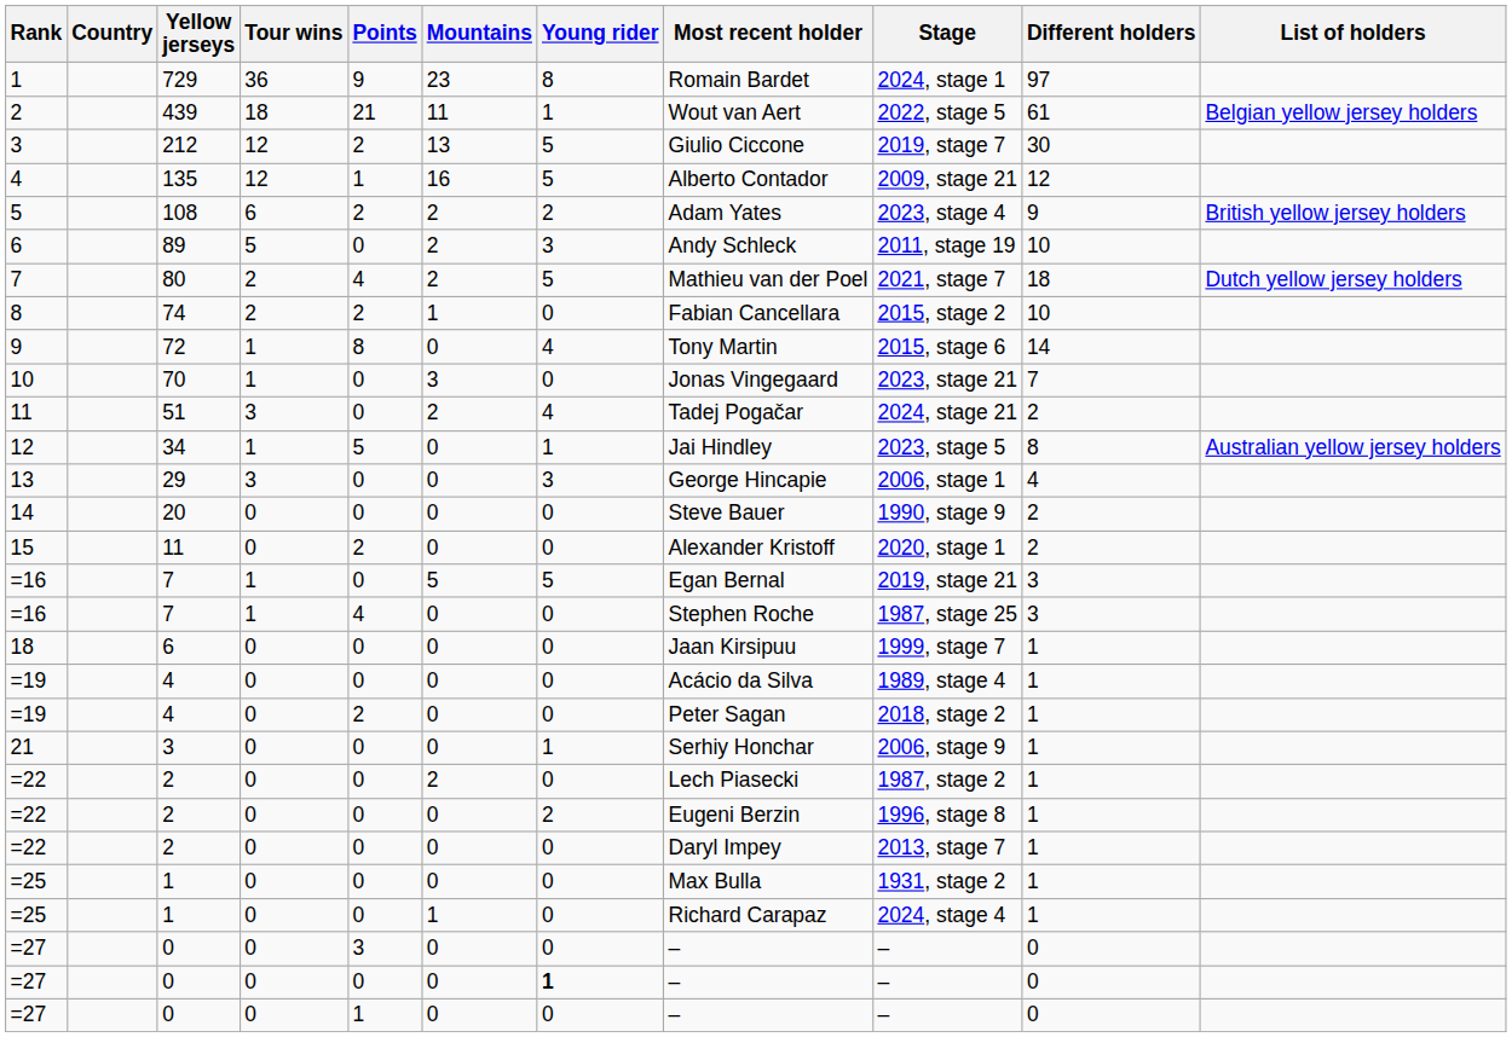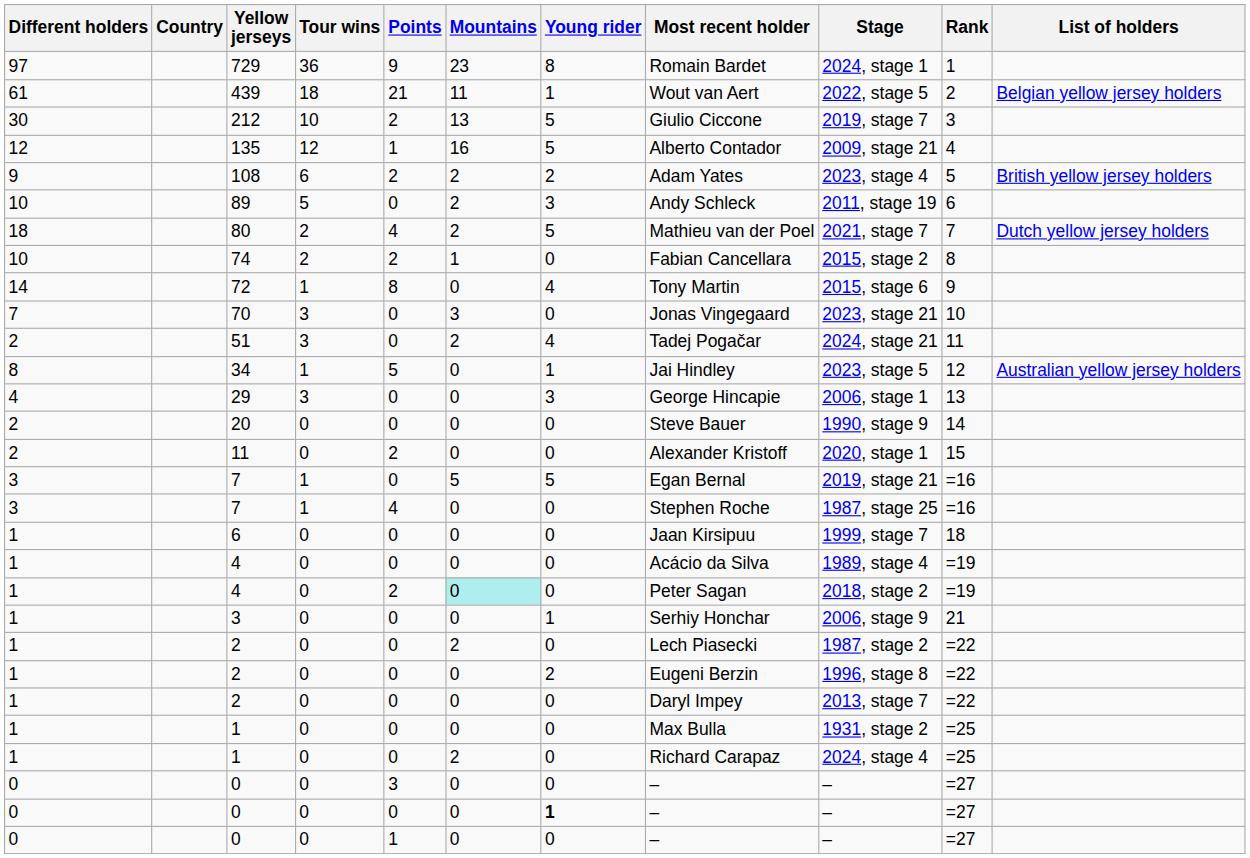 <table class="wikitable sortable">
 <tr>
-<th>Rank</th>
+<th>Different holders</th>
 <th>Country</th>
 <th>Yellow<br>jerseys</th>
 <th>Tour wins<br></th>
 <th><a href='#'>Points</a><br></th>
 <th><a href='#'>Mountains</a><br></th>
 <th><a href='#'>Young rider</a><br></th>
 <th>Most recent holder</th>
 <th>Stage</th>
-<th>Different holders</th>
+<th>Rank</th>
 <th>List of holders</th>
 </tr>
 <tr>
-<td>1</td>
+<td>97</td>
 <td></td>
 <td>729</td>
 <td>36</td>
 <td>9</td>
 <td>23</td>
 <td>8</td>
 <td>Romain Bardet</td>
 <td><a href='#'>2024</a>, stage 1</td>
-<td>97</td>
+<td>1</td>
 <td></td>
 </tr>
 <tr>
-<td>2</td>
+<td>61</td>
 <td></td>
 <td>439</td>
 <td>18</td>
 <td>21</td>
 <td>11</td>
 <td>1</td>
 <td>Wout van Aert</td>
 <td><a href='#'>2022</a>, stage 5</td>
-<td>61</td>
+<td>2</td>
 <td><a href='#'>Belgian yellow jersey holders</a></td>
 </tr>
 <tr>
-<td>3</td>
+<td>30</td>
 <td></td>
 <td>212</td>
-<td>12</td>
+<td>10</td>
 <td>2</td>
 <td>13</td>
 <td>5</td>
 <td>Giulio Ciccone</td>
 <td><a href='#'>2019</a>, stage 7</td>
-<td>30</td>
+<td>3</td>
 <td></td>
 </tr>
 <tr>
-<td>4</td>
+<td>12</td>
 <td></td>
 <td>135</td>
 <td>12</td>
 <td>1</td>
 <td>16</td>
 <td>5</td>
 <td>Alberto Contador</td>
 <td><a href='#'>2009</a>, stage 21</td>
-<td>12</td>
+<td>4</td>
 <td></td>
 </tr>
 <tr>
-<td>5</td>
+<td>9</td>
 <td></td>
 <td>108</td>
 <td>6</td>
 <td>2</td>
 <td>2</td>
 <td>2</td>
 <td>Adam Yates</td>
 <td><a href='#'>2023</a>, stage 4</td>
-<td>9</td>
+<td>5</td>
 <td><a href='#'>British yellow jersey holders</a></td>
 </tr>
 <tr>
-<td>6</td>
+<td>10</td>
 <td></td>
 <td>89</td>
 <td>5</td>
 <td>0</td>
 <td>2</td>
 <td>3</td>
 <td>Andy Schleck</td>
 <td><a href='#'>2011</a>, stage 19</td>
-<td>10</td>
+<td>6</td>
 <td></td>
 </tr>
 <tr>
-<td>7</td>
+<td>18</td>
 <td></td>
 <td>80</td>
 <td>2</td>
 <td>4</td>
 <td>2</td>
 <td>5</td>
 <td>Mathieu van der Poel</td>
 <td><a href='#'>2021</a>, stage 7</td>
-<td>18</td>
+<td>7</td>
 <td><a href='#'>Dutch yellow jersey holders</a></td>
 </tr>
 <tr>
-<td>8</td>
+<td>10</td>
 <td></td>
 <td>74</td>
 <td>2</td>
 <td>2</td>
 <td>1</td>
 <td>0</td>
 <td>Fabian Cancellara</td>
 <td><a href='#'>2015</a>, stage 2</td>
-<td>10</td>
+<td>8</td>
 <td></td>
 </tr>
 <tr>
-<td>9</td>
+<td>14</td>
 <td></td>
 <td>72</td>
 <td>1</td>
 <td>8</td>
 <td>0</td>
 <td>4</td>
 <td>Tony Martin</td>
 <td><a href='#'>2015</a>, stage 6</td>
-<td>14</td>
+<td>9</td>
 <td></td>
 </tr>
 <tr>
-<td>10</td>
+<td>7</td>
 <td></td>
 <td>70</td>
-<td>1</td>
+<td>3</td>
 <td>0</td>
 <td>3</td>
 <td>0</td>
 <td>Jonas Vingegaard</td>
 <td><a href='#'>2023</a>, stage 21</td>
-<td>7</td>
+<td>10</td>
 <td></td>
 </tr>
 <tr>
-<td>11</td>
+<td>2</td>
 <td></td>
 <td>51</td>
 <td>3</td>
 <td>0</td>
 <td>2</td>
 <td>4</td>
 <td>Tadej Pogačar</td>
 <td><a href='#'>2024</a>, stage 21</td>
-<td>2</td>
+<td>11</td>
 <td></td>
 </tr>
 <tr>
-<td>12</td>
+<td>8</td>
 <td></td>
 <td>34</td>
 <td>1</td>
 <td>5</td>
 <td>0</td>
 <td>1</td>
 <td>Jai Hindley</td>
 <td><a href='#'>2023</a>, stage 5</td>
-<td>8</td>
+<td>12</td>
 <td><a href='#'>Australian yellow jersey holders</a></td>
 </tr>
 <tr>
-<td>13</td>
+<td>4</td>
 <td></td>
 <td>29</td>
 <td>3</td>
 <td>0</td>
 <td>0</td>
 <td>3</td>
 <td>George Hincapie</td>
 <td><a href='#'>2006</a>, stage 1</td>
-<td>4</td>
+<td>13</td>
 <td></td>
 </tr>
 <tr>
-<td>14</td>
+<td>2</td>
 <td></td>
 <td>20</td>
 <td>0</td>
 <td>0</td>
 <td>0</td>
 <td>0</td>
 <td>Steve Bauer</td>
 <td><a href='#'>1990</a>, stage 9</td>
-<td>2</td>
+<td>14</td>
 <td></td>
 </tr>
 <tr>
-<td>15</td>
+<td>2</td>
 <td></td>
 <td>11</td>
 <td>0</td>
 <td>2</td>
 <td>0</td>
 <td>0</td>
 <td>Alexander Kristoff</td>
 <td><a href='#'>2020</a>, stage 1</td>
-<td>2</td>
+<td>15</td>
 <td></td>
 </tr>
 <tr>
-<td>=16</td>
+<td>3</td>
 <td></td>
 <td>7</td>
 <td>1</td>
 <td>0</td>
 <td>5</td>
 <td>5</td>
 <td>Egan Bernal</td>
 <td><a href='#'>2019</a>, stage 21</td>
-<td>3</td>
+<td>=16</td>
 <td></td>
 </tr>
 <tr>
-<td>=16</td>
+<td>3</td>
 <td></td>
 <td>7</td>
 <td>1</td>
 <td>4</td>
 <td>0</td>
 <td>0</td>
 <td>Stephen Roche</td>
 <td><a href='#'>1987</a>, stage 25</td>
-<td>3</td>
+<td>=16</td>
 <td></td>
 </tr>
 <tr>
-<td>18</td>
+<td>1</td>
 <td></td>
 <td>6</td>
 <td>0</td>
 <td>0</td>
 <td>0</td>
 <td>0</td>
 <td>Jaan Kirsipuu</td>
 <td><a href='#'>1999</a>, stage 7</td>
-<td>1</td>
+<td>18</td>
 <td></td>
 </tr>
 <tr>
-<td>=19</td>
+<td>1</td>
 <td></td>
 <td>4</td>
 <td>0</td>
 <td>0</td>
 <td>0</td>
 <td>0</td>
 <td>Acácio da Silva</td>
 <td><a href='#'>1989</a>, stage 4</td>
-<td>1</td>
+<td>=19</td>
 <td></td>
 </tr>
 <tr>
-<td>=19</td>
+<td>1</td>
 <td></td>
 <td>4</td>
 <td>0</td>
 <td>2</td>
-<td>0</td>
+<td style="background: paleturquoise;">0</td>
 <td>0</td>
 <td>Peter Sagan</td>
 <td><a href='#'>2018</a>, stage 2</td>
-<td>1</td>
+<td>=19</td>
 <td></td>
 </tr>
 <tr>
-<td>21</td>
+<td>1</td>
 <td></td>
 <td>3</td>
 <td>0</td>
 <td>0</td>
 <td>0</td>
 <td>1</td>
 <td>Serhiy Honchar</td>
 <td><a href='#'>2006</a>, stage 9</td>
-<td>1</td>
+<td>21</td>
 <td></td>
 </tr>
 <tr>
-<td>=22</td>
+<td>1</td>
 <td></td>
 <td>2</td>
 <td>0</td>
 <td>0</td>
 <td>2</td>
 <td>0</td>
 <td>Lech Piasecki</td>
 <td><a href='#'>1987</a>, stage 2</td>
-<td>1</td>
+<td>=22</td>
 <td></td>
 </tr>
 <tr>
-<td>=22</td>
+<td>1</td>
 <td></td>
 <td>2</td>
 <td>0</td>
 <td>0</td>
 <td>0</td>
 <td>2</td>
 <td>Eugeni Berzin</td>
 <td><a href='#'>1996</a>, stage 8</td>
-<td>1</td>
+<td>=22</td>
 <td></td>
 </tr>
 <tr>
-<td>=22</td>
+<td>1</td>
 <td></td>
 <td>2</td>
 <td>0</td>
 <td>0</td>
 <td>0</td>
 <td>0</td>
 <td>Daryl Impey</td>
 <td><a href='#'>2013</a>, stage 7</td>
-<td>1</td>
+<td>=22</td>
 <td></td>
 </tr>
 <tr>
-<td>=25</td>
+<td>1</td>
 <td></td>
 <td>1</td>
 <td>0</td>
 <td>0</td>
 <td>0</td>
 <td>0</td>
 <td>Max Bulla</td>
 <td><a href='#'>1931</a>, stage 2</td>
-<td>1</td>
+<td>=25</td>
 <td></td>
 </tr>
 <tr>
-<td>=25</td>
+<td>1</td>
 <td></td>
 <td>1</td>
 <td>0</td>
 <td>0</td>
-<td>1</td>
+<td>2</td>
 <td>0</td>
 <td>Richard Carapaz</td>
 <td><a href='#'>2024</a>, stage 4</td>
-<td>1</td>
+<td>=25</td>
 <td></td>
 </tr>
 <tr>
-<td>=27</td>
+<td>0</td>
 <td></td>
 <td>0</td>
 <td>0</td>
 <td>3</td>
 <td>0</td>
 <td>0</td>
 <td>–</td>
 <td>–</td>
-<td>0</td>
+<td>=27</td>
 <td></td>
 </tr>
 <tr>
-<td>=27</td>
+<td>0</td>
 <td></td>
 <td>0</td>
 <td>0</td>
 <td>0</td>
 <td>0</td>
 <td><strong>1</strong></td>
 <td>–</td>
 <td>–</td>
-<td>0</td>
+<td>=27</td>
 <td></td>
 </tr>
 <tr>
-<td>=27</td>
+<td>0</td>
 <td></td>
 <td>0</td>
 <td>0</td>
 <td>1</td>
 <td>0</td>
 <td>0</td>
 <td>–</td>
 <td>–</td>
-<td>0</td>
+<td>=27</td>
 <td></td>
 </tr>
 </table>
